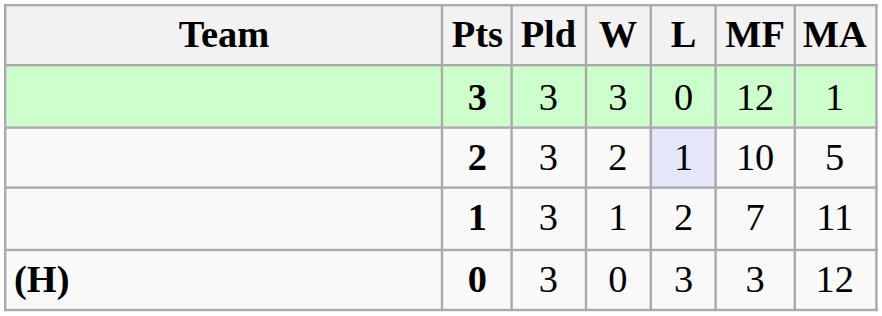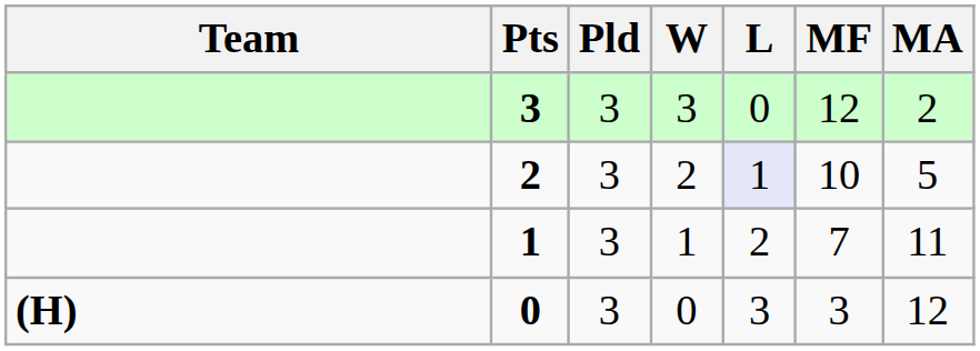 <table class=wikitable style="text-align:center">
 <tr>
 <th width=175>Team</th>
 <th width=20>Pts</th>
 <th width=20>Pld</th>
 <th width=20>W</th>
 <th width=20>L</th>
 <th width=20>MF</th>
 <th width=20>MA</th>
 </tr>
 <tr bgcolor=#ccffcc>
 <td style="text-align:left"></td>
 <td><strong>3</strong></td>
 <td>3</td>
 <td>3</td>
 <td>0</td>
 <td>12</td>
-<td>1</td>
+<td>2</td>
 </tr>
 <tr>
 <td style="text-align:left"></td>
 <td><strong>2</strong></td>
 <td>3</td>
 <td>2</td>
 <td style="background: lavender;">1</td>
 <td>10</td>
 <td>5</td>
 </tr>
 <tr>
 <td style="text-align:left"></td>
 <td><strong>1</strong></td>
 <td>3</td>
 <td>1</td>
 <td>2</td>
 <td>7</td>
 <td>11</td>
 </tr>
 <tr>
 <td style="text-align:left"> <strong>(H)</strong></td>
 <td><strong>0</strong></td>
 <td>3</td>
 <td>0</td>
 <td>3</td>
 <td>3</td>
 <td>12</td>
 </tr>
 </table>
